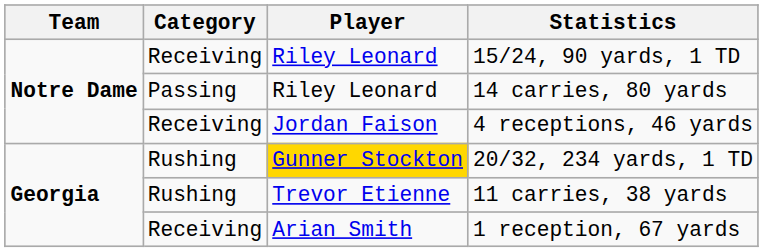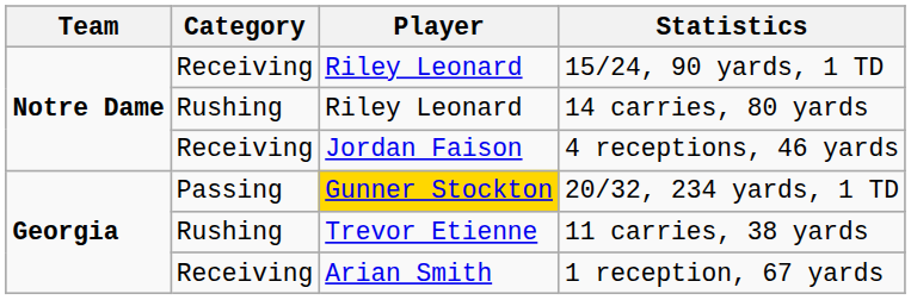 <table class="wikitable" style="float: right;">
 <tr>
 <th>Team</th>
 <th>Category</th>
 <th>Player</th>
 <th>Statistics</th>
 </tr>
 <tr>
 <td rowspan=3><strong>Notre Dame</strong></td>
 <td>Receiving</td>
 <td><a href='#'>Riley Leonard</a></td>
 <td>15/24, 90 yards, 1 TD</td>
 </tr>
 <tr>
-<td>Passing</td>
+<td>Rushing</td>
 <td>Riley Leonard</td>
 <td>14 carries, 80 yards</td>
 </tr>
 <tr>
 <td>Receiving</td>
 <td><a href='#'>Jordan Faison</a></td>
 <td>4 receptions, 46 yards</td>
 </tr>
 <tr>
 <td rowspan=3><strong>Georgia</strong></td>
-<td>Rushing</td>
+<td>Passing</td>
 <td style="background: gold;"><a href='#'>Gunner Stockton</a></td>
 <td>20/32, 234 yards, 1 TD</td>
 </tr>
 <tr>
 <td>Rushing</td>
 <td><a href='#'>Trevor Etienne</a></td>
 <td>11 carries, 38 yards</td>
 </tr>
 <tr>
 <td>Receiving</td>
 <td><a href='#'>Arian Smith</a></td>
 <td>1 reception, 67 yards</td>
 </tr>
 </table>
